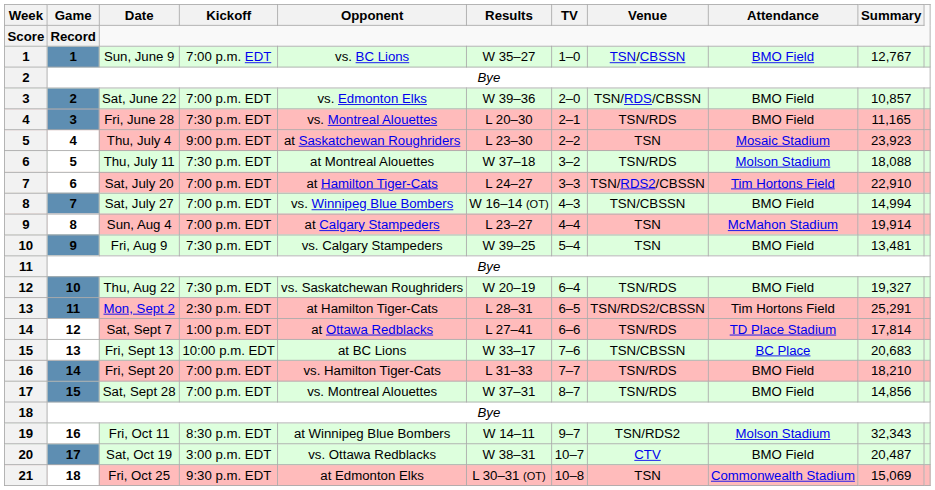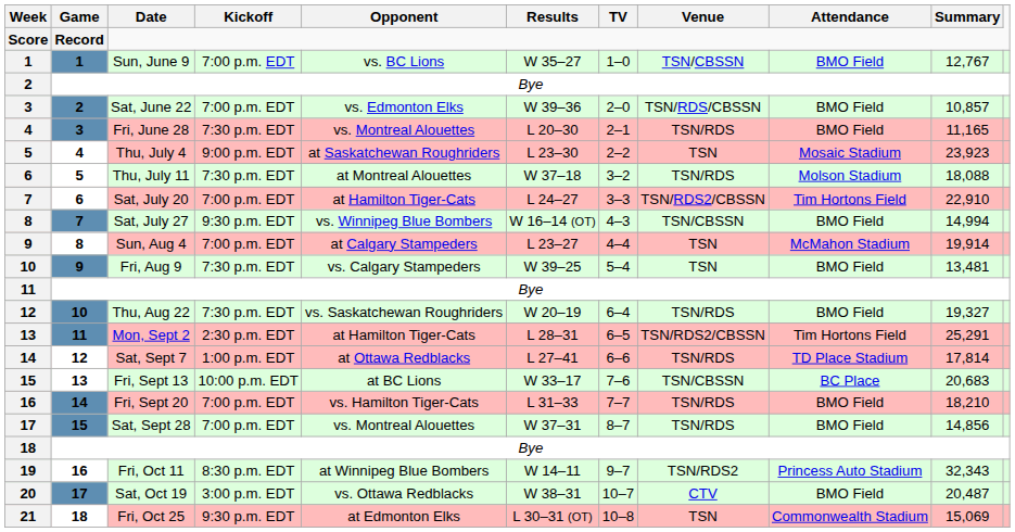 <table class="wikitable" style="font-size: 95%;">
 <tr>
 <th scope="col">Week</th>
 <th scope="col">Game</th>
 <th scope="col">Date</th>
 <th scope="col">Kickoff</th>
 <th scope="col">Opponent</th>
 <th scope="col">Results</th>
 <th scope="col">TV</th>
 <th scope="col">Venue</th>
 <th scope="col">Attendance</th>
 <th scope="col">Summary</th>
 </tr>
 <tr>
 <th scope="col">Score</th>
 <th scope="col">Record</th>
 </tr>
 <tr align="center"= bgcolor="ddffdd">
 <th align="center"><strong>1</strong></th>
 <th style="text-align:center; background:#5E8EB2;"><span>1</span></th>
 <td align="center">Sun, June 9</td>
 <td align="center">7:00 p.m. <a href='#'>EDT</a></td>
 <td align="center">vs. <a href='#'>BC Lions</a></td>
 <td align="center">W 35–27</td>
 <td align="center">1–0</td>
 <td align="center"><a href='#'>TSN</a>/<a href='#'>CBSSN</a></td>
 <td align="center"><a href='#'>BMO Field</a></td>
 <td align="center">12,767</td>
 <td align="center"></td>
 </tr>
 <tr align="center"= bgcolor="ffffff">
 <th align="center"><strong>2</strong></th>
 <td colspan=10 align="center" valign="middle"><em>Bye</em></td>
 </tr>
 <tr align="center"= bgcolor="ddffdd">
 <th align="center"><strong>3</strong></th>
 <th style="text-align:center; background:#5E8EB2;"><span>2</span></th>
 <td align="center">Sat, June 22</td>
 <td align="center">7:00 p.m. EDT</td>
 <td align="center">vs. <a href='#'>Edmonton Elks</a></td>
 <td align="center">W 39–36</td>
 <td align="center">2–0</td>
 <td align="center">TSN/<a href='#'>RDS</a>/CBSSN</td>
 <td align="center">BMO Field</td>
 <td align="center">10,857</td>
 <td align="center"></td>
 </tr>
 <tr align="center"= bgcolor="ffbbbb">
 <th align="center"><strong>4</strong></th>
 <th style="text-align:center; background:#5E8EB2;"><span>3</span></th>
 <td align="center">Fri, June 28</td>
 <td align="center">7:30 p.m. EDT</td>
 <td align="center">vs. <a href='#'>Montreal Alouettes</a></td>
 <td align="center">L 20–30</td>
 <td align="center">2–1</td>
 <td align="center">TSN/RDS</td>
 <td align="center">BMO Field</td>
 <td align="center">11,165</td>
 <td align="center"></td>
 </tr>
 <tr align="center"= bgcolor="ffbbbb">
 <th align="center"><strong>5</strong></th>
 <th style="text-align:center; background:white;"><span>4</span></th>
 <td align="center">Thu, July 4</td>
 <td align="center">9:00 p.m. EDT</td>
 <td align="center">at <a href='#'>Saskatchewan Roughriders</a></td>
 <td align="center">L 23–30</td>
 <td align="center">2–2</td>
 <td align="center">TSN</td>
 <td align="center"><a href='#'>Mosaic Stadium</a></td>
 <td align="center">23,923</td>
 <td align="center"></td>
 </tr>
 <tr align="center"= bgcolor="ddffdd">
 <th align="center"><strong>6</strong></th>
 <th style="text-align:center; background:white;"><span>5</span></th>
 <td align="center">Thu, July 11</td>
 <td align="center">7:30 p.m. EDT</td>
 <td align="center">at Montreal Alouettes</td>
 <td align="center">W 37–18</td>
 <td align="center">3–2</td>
 <td align="center">TSN/RDS</td>
 <td align="center"><a href='#'>Molson Stadium</a></td>
 <td align="center">18,088</td>
 <td align="center"></td>
 </tr>
 <tr align="center"= bgcolor="ffbbbb">
 <th align="center"><strong>7</strong></th>
 <th style="text-align:center; background:white;"><span>6</span></th>
 <td align="center">Sat, July 20</td>
 <td align="center">7:00 p.m. EDT</td>
 <td align="center">at <a href='#'>Hamilton Tiger-Cats</a></td>
 <td align="center">L 24–27</td>
 <td align="center">3–3</td>
 <td align="center">TSN/<a href='#'>RDS2</a>/CBSSN</td>
 <td align="center"><a href='#'>Tim Hortons Field</a></td>
 <td align="center">22,910</td>
 <td align="center"></td>
 </tr>
 <tr align="center"= bgcolor="ddffdd">
 <th align="center"><strong>8</strong></th>
 <th style="text-align:center; background:#5E8EB2;"><span>7</span></th>
 <td align="center">Sat, July 27</td>
-<td align="center">7:00 p.m. EDT</td>
+<td align="center">9:30 p.m. EDT</td>
 <td align="center">vs. <a href='#'>Winnipeg Blue Bombers</a></td>
 <td align="center">W 16–14 <small>(OT)</small></td>
 <td align="center">4–3</td>
 <td align="center">TSN/CBSSN</td>
 <td align="center">BMO Field</td>
 <td align="center">14,994</td>
 <td align="center"></td>
 </tr>
 <tr align="center"= bgcolor="ffbbbb">
 <th align="center"><strong>9</strong></th>
 <th style="text-align:center; background:white;"><span>8</span></th>
 <td align="center">Sun, Aug 4</td>
 <td align="center">7:00 p.m. EDT</td>
 <td align="center">at <a href='#'>Calgary Stampeders</a></td>
 <td align="center">L 23–27</td>
 <td align="center">4–4</td>
 <td align="center">TSN</td>
 <td align="center"><a href='#'>McMahon Stadium</a></td>
 <td align="center">19,914</td>
 <td align="center"></td>
 </tr>
 <tr align="center"= bgcolor="ddffdd">
 <th align="center"><strong>10</strong></th>
 <th style="text-align:center; background:#5E8EB2;"><span>9</span></th>
 <td align="center">Fri, Aug 9</td>
 <td align="center">7:30 p.m. EDT</td>
 <td align="center">vs. Calgary Stampeders</td>
 <td align="center">W 39–25</td>
 <td align="center">5–4</td>
 <td align="center">TSN</td>
 <td align="center">BMO Field</td>
 <td align="center">13,481</td>
 <td align="center"></td>
 </tr>
 <tr align="center"= bgcolor="ffffff">
 <th align="center"><strong>11</strong></th>
 <td colspan=10 align="center" valign="middle"><em>Bye</em></td>
 </tr>
 <tr align="center"= bgcolor="ddffdd">
 <th align="center"><strong>12</strong></th>
 <th style="text-align:center; background:#5E8EB2;"><span>10</span></th>
 <td align="center">Thu, Aug 22</td>
 <td align="center">7:30 p.m. EDT</td>
 <td align="center">vs. Saskatchewan Roughriders</td>
 <td align="center">W 20–19</td>
 <td align="center">6–4</td>
 <td align="center">TSN/RDS</td>
 <td align="center">BMO Field</td>
 <td align="center">19,327</td>
 <td align="center"></td>
 </tr>
 <tr align="center"= bgcolor="ffbbbb">
 <th align="center"><strong>13</strong></th>
 <th style="text-align:center; background:#5E8EB2;"><span>11</span></th>
 <td align="center"><a href='#'>Mon, Sept 2</a></td>
 <td align="center">2:30 p.m. EDT</td>
 <td align="center">at Hamilton Tiger-Cats</td>
 <td align="center">L 28–31</td>
 <td align="center">6–5</td>
 <td align="center">TSN/RDS2/CBSSN</td>
 <td align="center">Tim Hortons Field</td>
 <td align="center">25,291</td>
 <td align="center"></td>
 </tr>
 <tr align="center"= bgcolor="ffbbbb">
 <th align="center"><strong>14</strong></th>
 <th style="text-align:center; background:white;"><span>12</span></th>
 <td align="center">Sat, Sept 7</td>
 <td align="center">1:00 p.m. EDT</td>
 <td align="center">at <a href='#'>Ottawa Redblacks</a></td>
 <td align="center">L 27–41</td>
 <td align="center">6–6</td>
 <td align="center">TSN/RDS</td>
 <td align="center"><a href='#'>TD Place Stadium</a></td>
 <td align="center">17,814</td>
 <td align="center"></td>
 </tr>
 <tr align="center"= bgcolor="ddffdd">
 <th align="center"><strong>15</strong></th>
 <th style="text-align:center; background:white;"><span>13</span></th>
 <td align="center">Fri, Sept 13</td>
 <td align="center">10:00 p.m. EDT</td>
 <td align="center">at BC Lions</td>
 <td align="center">W 33–17</td>
 <td align="center">7–6</td>
 <td align="center">TSN/CBSSN</td>
 <td align="center"><a href='#'>BC Place</a></td>
 <td align="center">20,683</td>
 <td align="center"></td>
 </tr>
 <tr align="center"= bgcolor="ffbbbb">
 <th align="center"><strong>16</strong></th>
 <th style="text-align:center; background:#5E8EB2;"><span>14</span></th>
 <td align="center">Fri, Sept 20</td>
 <td align="center">7:00 p.m. EDT</td>
 <td align="center">vs. Hamilton Tiger-Cats</td>
 <td align="center">L 31–33</td>
 <td align="center">7–7</td>
 <td align="center">TSN/RDS</td>
 <td align="center">BMO Field</td>
 <td align="center">18,210</td>
 <td align="center"></td>
 </tr>
 <tr align="center"= bgcolor="ddffdd">
 <th align="center"><strong>17</strong></th>
 <th style="text-align:center; background:#5E8EB2;"><span>15</span></th>
 <td align="center">Sat, Sept 28</td>
 <td align="center">7:00 p.m. EDT</td>
 <td align="center">vs. Montreal Alouettes</td>
 <td align="center">W 37–31</td>
 <td align="center">8–7</td>
 <td align="center">TSN/RDS</td>
 <td align="center">BMO Field</td>
 <td align="center">14,856</td>
 <td align="center"></td>
 </tr>
 <tr align="center"= bgcolor="ffffff">
 <th align="center"><strong>18</strong></th>
 <td colspan=10 align="center" valign="middle"><em>Bye</em></td>
 </tr>
 <tr align="center"= bgcolor="ddffdd">
 <th align="center"><strong>19</strong></th>
 <th style="text-align:center; background:white;"><span>16</span></th>
 <td align="center">Fri, Oct 11</td>
 <td align="center">8:30 p.m. EDT</td>
 <td align="center">at Winnipeg Blue Bombers</td>
 <td align="center">W 14–11</td>
 <td align="center">9–7</td>
 <td align="center">TSN/RDS2</td>
-<td align="center"><a href='#'>Molson Stadium</a></td>
+<td align="center"><a href='#'>Princess Auto Stadium</a></td>
 <td align="center">32,343</td>
 <td align="center"></td>
 </tr>
 <tr align="center"= bgcolor="ddffdd">
 <th align="center"><strong>20</strong></th>
 <th style="text-align:center; background:#5E8EB2;"><span>17</span></th>
 <td align="center">Sat, Oct 19</td>
 <td align="center">3:00 p.m. EDT</td>
 <td align="center">vs. Ottawa Redblacks</td>
 <td align="center">W 38–31</td>
 <td align="center">10–7</td>
 <td align="center"><a href='#'>CTV</a></td>
 <td align="center">BMO Field</td>
 <td align="center">20,487</td>
 <td align="center"></td>
 </tr>
 <tr align="center"= bgcolor="ffbbbb">
 <th align="center"><strong>21</strong></th>
 <th style="text-align:center; background:white;"><span>18</span></th>
 <td align="center">Fri, Oct 25</td>
 <td align="center">9:30 p.m. EDT</td>
 <td align="center">at Edmonton Elks</td>
 <td align="center">L 30–31 <small>(OT)</small></td>
 <td align="center">10–8</td>
 <td align="center">TSN</td>
 <td align="center"><a href='#'>Commonwealth Stadium</a></td>
 <td align="center">15,069</td>
 <td align="center"></td>
 </tr>
 </table>
